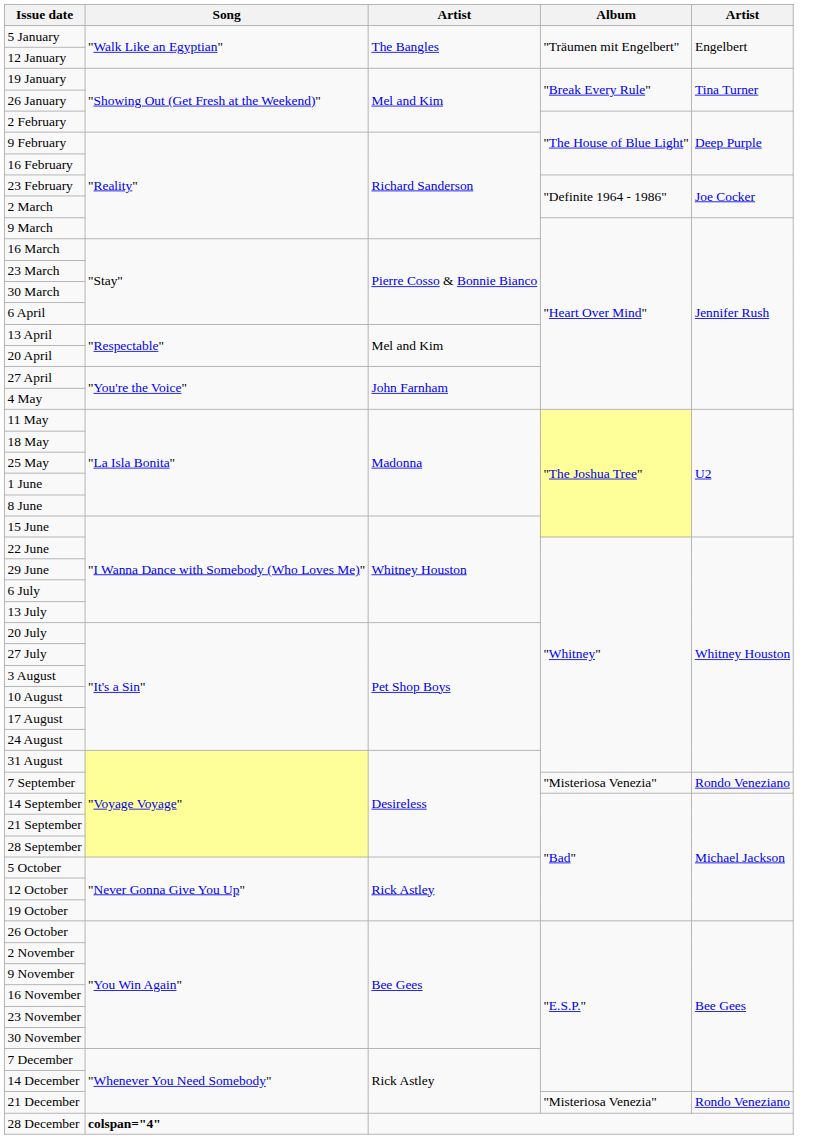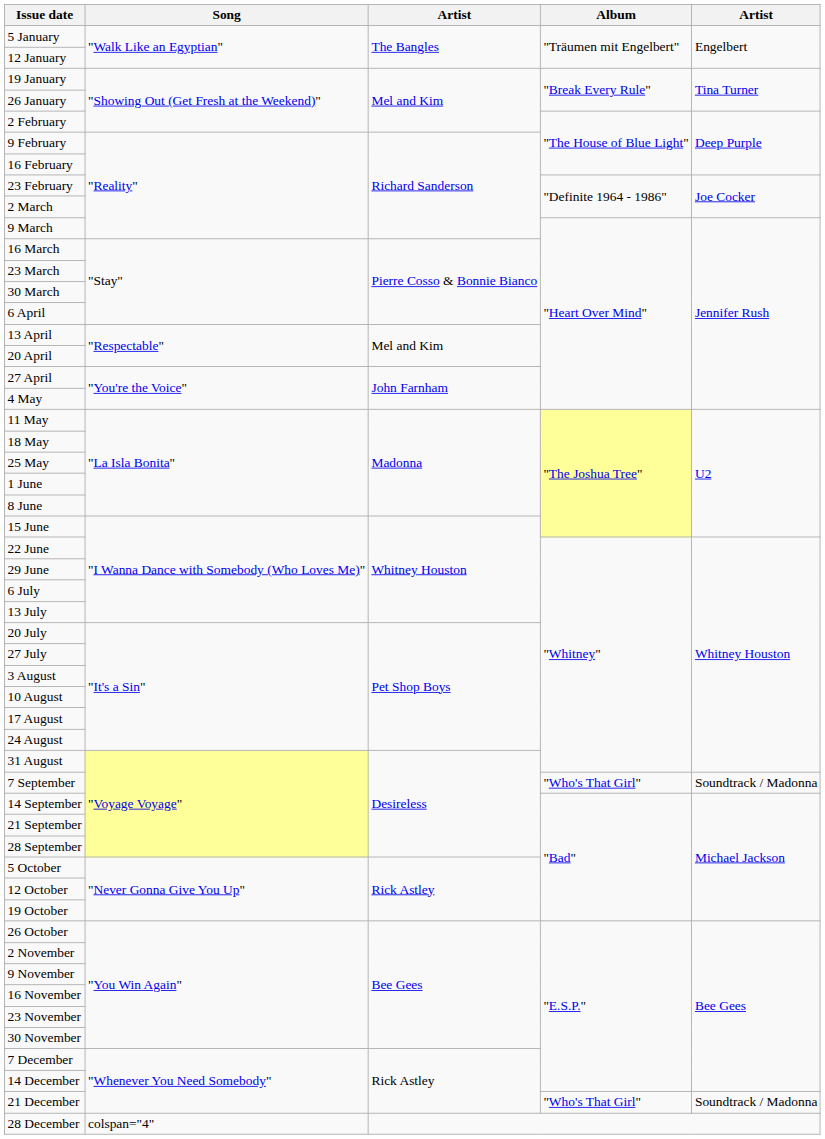 <table class="sortable wikitable">
 <tr>
 <th>Issue date</th>
 <th>Song</th>
 <th>Artist</th>
 <th>Album</th>
 <th>Artist</th>
 </tr>
 <tr>
 <td>5 January</td>
 <td rowspan="2">"<a href='#'>Walk Like an Egyptian</a>"</td>
 <td rowspan="2"><a href='#'>The Bangles</a></td>
 <td rowspan="2">"Träumen mit Engelbert"</td>
 <td rowspan="2">Engelbert</td>
 </tr>
 <tr>
 <td>12 January</td>
 </tr>
 <tr>
 <td>19 January</td>
 <td rowspan="3">"<a href='#'>Showing Out (Get Fresh at the Weekend)</a>"</td>
 <td rowspan="3"><a href='#'>Mel and Kim</a></td>
 <td rowspan="2">"<a href='#'>Break Every Rule</a>"</td>
 <td rowspan="2"><a href='#'>Tina Turner</a></td>
 </tr>
 <tr>
 <td>26 January</td>
 </tr>
 <tr>
 <td>2 February</td>
 <td rowspan="3">"<a href='#'>The House of Blue Light</a>"</td>
 <td rowspan="3"><a href='#'>Deep Purple</a></td>
 </tr>
 <tr>
 <td>9 February</td>
 <td rowspan="5">"<a href='#'>Reality</a>"</td>
 <td rowspan="5"><a href='#'>Richard Sanderson</a></td>
 </tr>
 <tr>
 <td>16 February</td>
 </tr>
 <tr>
 <td>23 February</td>
 <td rowspan="2">"Definite 1964 - 1986"</td>
 <td rowspan="2"><a href='#'>Joe Cocker</a></td>
 </tr>
 <tr>
 <td>2 March</td>
 </tr>
 <tr>
 <td>9 March</td>
 <td rowspan="9">"<a href='#'>Heart Over Mind</a>"</td>
 <td rowspan="9"><a href='#'>Jennifer Rush</a></td>
 </tr>
 <tr>
 <td>16 March</td>
 <td rowspan="4">"Stay"</td>
 <td rowspan="4"><a href='#'>Pierre Cosso</a> & <a href='#'>Bonnie Bianco</a></td>
 </tr>
 <tr>
 <td>23 March</td>
 </tr>
 <tr>
 <td>30 March</td>
 </tr>
 <tr>
 <td>6 April</td>
 </tr>
 <tr>
 <td>13 April</td>
 <td rowspan="2">"<a href='#'>Respectable</a>"</td>
 <td rowspan="2">Mel and Kim</td>
 </tr>
 <tr>
 <td>20 April</td>
 </tr>
 <tr>
 <td>27 April</td>
 <td rowspan="2">"<a href='#'>You're the Voice</a>"</td>
 <td rowspan="2"><a href='#'>John Farnham</a></td>
 </tr>
 <tr>
 <td>4 May</td>
 </tr>
 <tr>
 <td>11 May</td>
 <td rowspan="5">"<a href='#'>La Isla Bonita</a>"</td>
 <td rowspan="5"><a href='#'>Madonna</a></td>
 <td bgcolor=#FFFF99 rowspan="6">"<a href='#'>The Joshua Tree</a>" </td>
 <td rowspan="6"><a href='#'>U2</a></td>
 </tr>
 <tr>
 <td>18 May</td>
 </tr>
 <tr>
 <td>25 May</td>
 </tr>
 <tr>
 <td>1 June</td>
 </tr>
 <tr>
 <td>8 June</td>
 </tr>
 <tr>
 <td>15 June</td>
 <td rowspan="5">"<a href='#'>I Wanna Dance with Somebody (Who Loves Me)</a>"</td>
 <td rowspan="5"><a href='#'>Whitney Houston</a></td>
 </tr>
 <tr>
 <td>22 June</td>
 <td rowspan="11">"<a href='#'>Whitney</a>"</td>
 <td rowspan="11"><a href='#'>Whitney Houston</a></td>
 </tr>
 <tr>
 <td>29 June</td>
 </tr>
 <tr>
 <td>6 July</td>
 </tr>
 <tr>
 <td>13 July</td>
 </tr>
 <tr>
 <td>20 July</td>
 <td rowspan="6">"<a href='#'>It's a Sin</a>"</td>
 <td rowspan="6"><a href='#'>Pet Shop Boys</a></td>
 </tr>
 <tr>
 <td>27 July</td>
 </tr>
 <tr>
 <td>3 August</td>
 </tr>
 <tr>
 <td>10 August</td>
 </tr>
 <tr>
 <td>17 August</td>
 </tr>
 <tr>
 <td>24 August</td>
 </tr>
 <tr>
 <td>31 August</td>
 <td bgcolor=#FFFF99 rowspan="5">"<a href='#'>Voyage Voyage</a>" </td>
 <td rowspan="5"><a href='#'>Desireless</a></td>
 </tr>
 <tr>
 <td>7 September</td>
-<td>"Misteriosa Venezia"</td>
-<td><a href='#'>Rondo Veneziano</a></td>
+<td>"<a href='#'>Who's That Girl</a>"</td>
+<td>Soundtrack / Madonna</td>
 </tr>
 <tr>
 <td>14 September</td>
 <td rowspan="6">"<a href='#'>Bad</a>"</td>
 <td rowspan="6"><a href='#'>Michael Jackson</a></td>
 </tr>
 <tr>
 <td>21 September</td>
 </tr>
 <tr>
 <td>28 September</td>
 </tr>
 <tr>
 <td>5 October</td>
 <td rowspan="3">"<a href='#'>Never Gonna Give You Up</a>"</td>
 <td rowspan="3"><a href='#'>Rick Astley</a></td>
 </tr>
 <tr>
 <td>12 October</td>
 </tr>
 <tr>
 <td>19 October</td>
 </tr>
 <tr>
 <td>26 October</td>
 <td rowspan="6">"<a href='#'>You Win Again</a>"</td>
 <td rowspan="6"><a href='#'>Bee Gees</a></td>
 <td rowspan="8">"<a href='#'>E.S.P.</a>"</td>
 <td rowspan="8"><a href='#'>Bee Gees</a></td>
 </tr>
 <tr>
 <td>2 November</td>
 </tr>
 <tr>
 <td>9 November</td>
 </tr>
 <tr>
 <td>16 November</td>
 </tr>
 <tr>
 <td>23 November</td>
 </tr>
 <tr>
 <td>30 November</td>
 </tr>
 <tr>
 <td>7 December</td>
 <td rowspan="3">"<a href='#'>Whenever You Need Somebody</a>"</td>
 <td rowspan="3">Rick Astley</td>
 </tr>
 <tr>
 <td>14 December</td>
 </tr>
 <tr>
 <td>21 December</td>
-<td>"Misteriosa Venezia"</td>
-<td><a href='#'>Rondo Veneziano</a></td>
+<td>"<a href='#'>Who's That Girl</a>"</td>
+<td>Soundtrack / Madonna</td>
 </tr>
 <tr>
 <td>28 December</td>
-<td><strong>colspan="4" </strong></td>
+<td>colspan="4" </td>
 </tr>
 </table>
